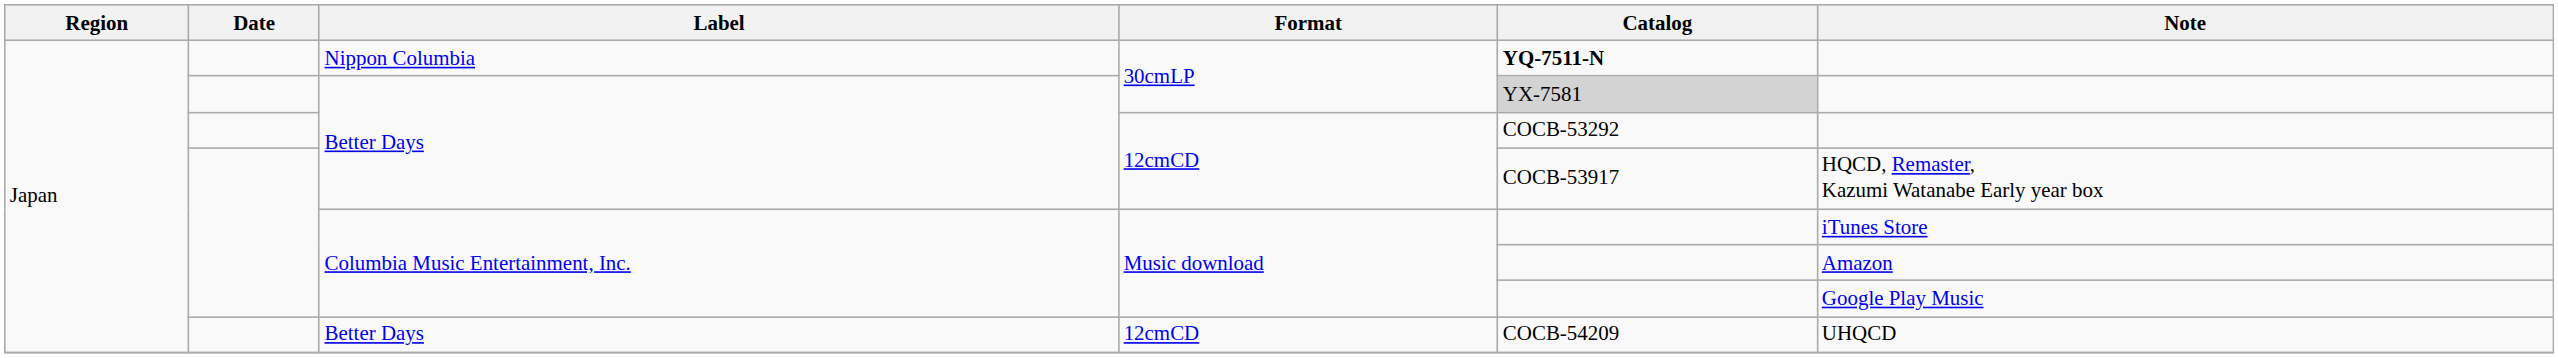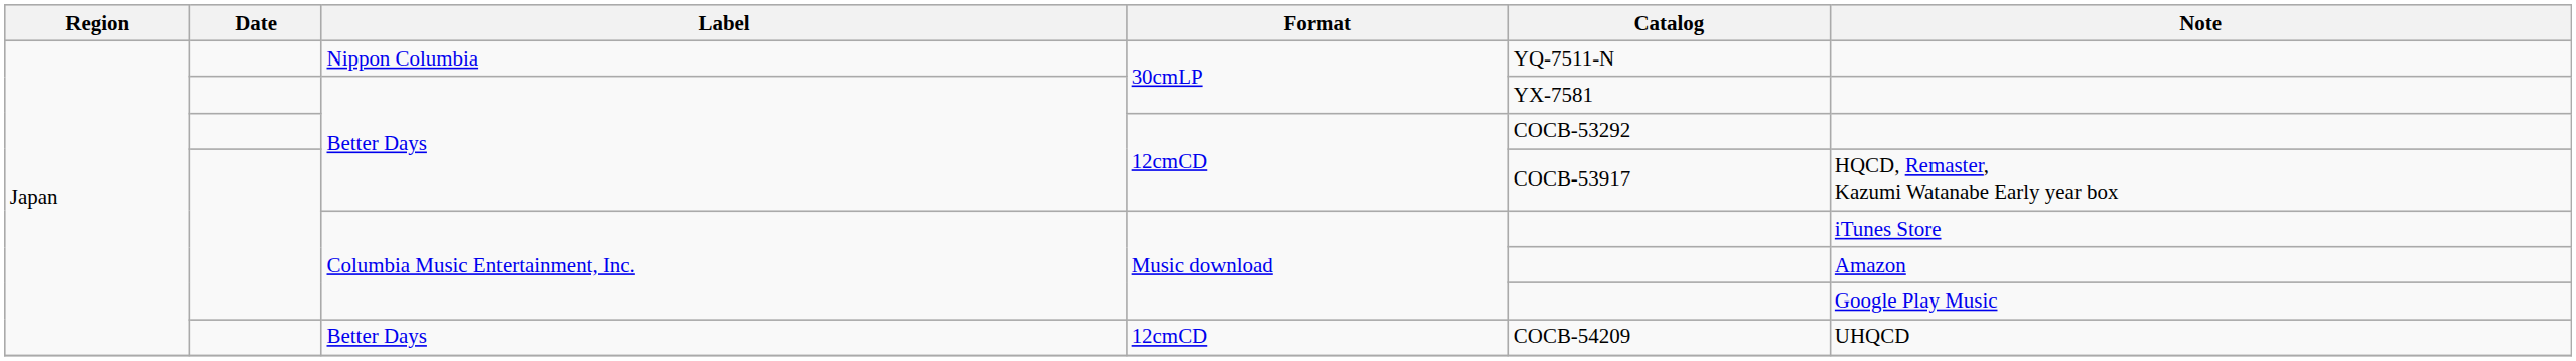 <table class="wikitable sortable" style="margin:0 auto; font-size:small; width:100%">
 <tr>
 <th>Region</th>
 <th>Date</th>
 <th>Label</th>
 <th>Format</th>
 <th>Catalog</th>
 <th>Note</th>
 </tr>
 <tr>
 <td rowspan="8">Japan</td>
 <td></td>
 <td><a href='#'>Nippon Columbia</a></td>
 <td rowspan="2"><a href='#'>30cmLP</a></td>
-<td><strong>YQ-7511-N</strong></td>
+<td>YQ-7511-N</td>
 <td></td>
 </tr>
 <tr>
 <td></td>
 <td rowspan="3"><a href='#'>Better Days</a></td>
-<td style="background: lightgrey;">YX-7581</td>
+<td>YX-7581</td>
 <td></td>
 </tr>
 <tr>
 <td></td>
 <td rowspan="2"><a href='#'>12cmCD</a></td>
 <td>COCB-53292</td>
 <td></td>
 </tr>
 <tr>
 <td rowspan="4"></td>
 <td>COCB-53917</td>
 <td>HQCD, <a href='#'>Remaster</a>, <br>Kazumi Watanabe Early year box</td>
 </tr>
 <tr>
 <td rowspan="3"><a href='#'>Columbia Music Entertainment, Inc.</a></td>
 <td rowspan="3"><a href='#'>Music download</a></td>
 <td></td>
 <td><a href='#'>iTunes Store</a></td>
 </tr>
 <tr>
 <td></td>
 <td><a href='#'>Amazon</a></td>
 </tr>
 <tr>
 <td></td>
 <td><a href='#'>Google Play Music</a></td>
 </tr>
 <tr>
 <td></td>
 <td><a href='#'>Better Days</a></td>
 <td><a href='#'>12cmCD</a></td>
 <td>COCB-54209</td>
 <td>UHQCD</td>
 </tr>
 <tr>
 </tr>
 </table>
